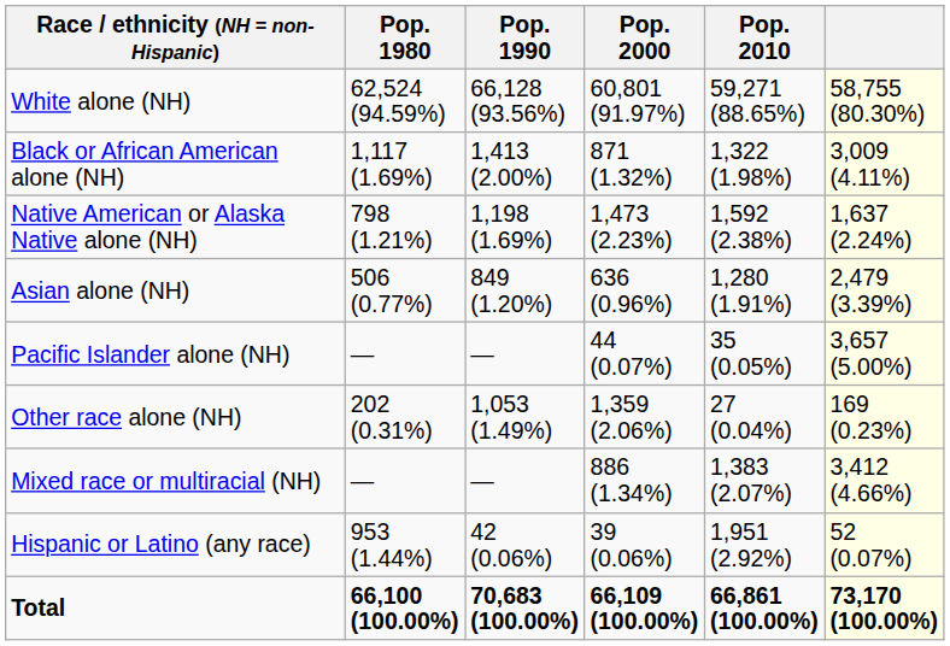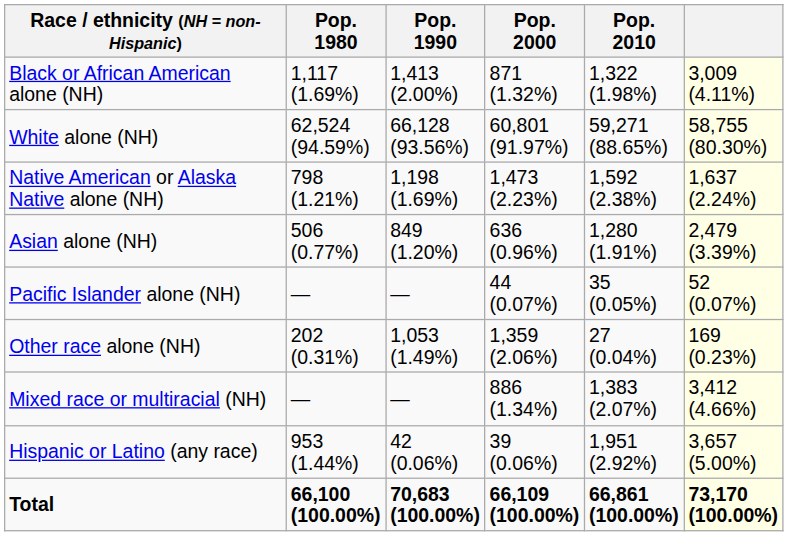 <table class="wikitable sortable collapsible" style="font-size: 95%;">
 <tr>
 <th>Race / ethnicity <small>(<em>NH = non-Hispanic</em>)</small></th>
 <th>Pop. 1980</th>
 <th>Pop. 1990</th>
 <th>Pop. 2000</th>
 <th>Pop. 2010</th>
 <th></th>
 </tr>
 <tr>
+<td><a href='#'>Black or African American</a> alone (NH)</td>
+<td>1,117<br>(1.69%)</td>
+<td>1,413<br>(2.00%)</td>
+<td>871<br>(1.32%)</td>
+<td>1,322<br>(1.98%)</td>
+<td style='background: #ffffe6;'>3,009<br>(4.11%)</td>
+</tr>
+<tr>
 <td><a href='#'>White</a> alone (NH)</td>
 <td>62,524<br>(94.59%)</td>
 <td>66,128<br>(93.56%)</td>
 <td>60,801<br>(91.97%)</td>
 <td>59,271<br>(88.65%)</td>
 <td style='background: #ffffe6;'>58,755<br>(80.30%)</td>
-</tr>
-<tr>
-<td><a href='#'>Black or African American</a> alone (NH)</td>
-<td>1,117<br>(1.69%)</td>
-<td>1,413<br>(2.00%)</td>
-<td>871<br>(1.32%)</td>
-<td>1,322<br>(1.98%)</td>
-<td style='background: #ffffe6;'>3,009<br>(4.11%)</td>
 </tr>
 <tr>
 <td><a href='#'>Native American</a> or <a href='#'>Alaska Native</a> alone (NH)</td>
 <td>798<br>(1.21%)</td>
 <td>1,198<br>(1.69%)</td>
 <td>1,473<br>(2.23%)</td>
 <td>1,592<br>(2.38%)</td>
 <td style='background: #ffffe6;'>1,637<br>(2.24%)</td>
 </tr>
 <tr>
 <td><a href='#'>Asian</a> alone (NH)</td>
 <td>506<br>(0.77%)</td>
 <td>849<br>(1.20%)</td>
 <td>636<br>(0.96%)</td>
 <td>1,280<br>(1.91%)</td>
 <td style='background: #ffffe6;'>2,479<br>(3.39%)</td>
 </tr>
 <tr>
 <td><a href='#'>Pacific Islander</a> alone (NH)</td>
 <td>—</td>
 <td>—</td>
 <td>44<br>(0.07%)</td>
 <td>35<br>(0.05%)</td>
-<td style='background: #ffffe6;'>3,657<br>(5.00%)</td>
+<td style='background: #ffffe6;'>52<br>(0.07%)</td>
 </tr>
 <tr>
 <td><a href='#'>Other race</a> alone (NH)</td>
 <td>202<br>(0.31%)</td>
 <td>1,053<br>(1.49%)</td>
 <td>1,359<br>(2.06%)</td>
 <td>27<br>(0.04%)</td>
 <td style='background: #ffffe6;'>169<br>(0.23%)</td>
 </tr>
 <tr>
 <td><a href='#'>Mixed race or multiracial</a> (NH)</td>
 <td>—</td>
 <td>—</td>
 <td>886<br>(1.34%)</td>
 <td>1,383<br>(2.07%)</td>
 <td style='background: #ffffe6;'>3,412<br>(4.66%)</td>
 </tr>
 <tr>
 <td><a href='#'>Hispanic or Latino</a> (any race)</td>
 <td>953<br>(1.44%)</td>
 <td>42<br>(0.06%)</td>
 <td>39<br>(0.06%)</td>
 <td>1,951<br>(2.92%)</td>
-<td style='background: #ffffe6;'>52<br>(0.07%)</td>
+<td style='background: #ffffe6;'>3,657<br>(5.00%)</td>
 </tr>
 <tr>
 <td><strong>Total</strong></td>
 <td><strong>66,100<br>(100.00%)</strong></td>
 <td><strong>70,683<br>(100.00%)</strong></td>
 <td><strong>66,109<br>(100.00%)</strong></td>
 <td><strong>66,861<br>(100.00%)</strong></td>
 <td style='background: #ffffe6;'><strong>73,170<br>(100.00%)</strong></td>
 </tr>
 </table>
